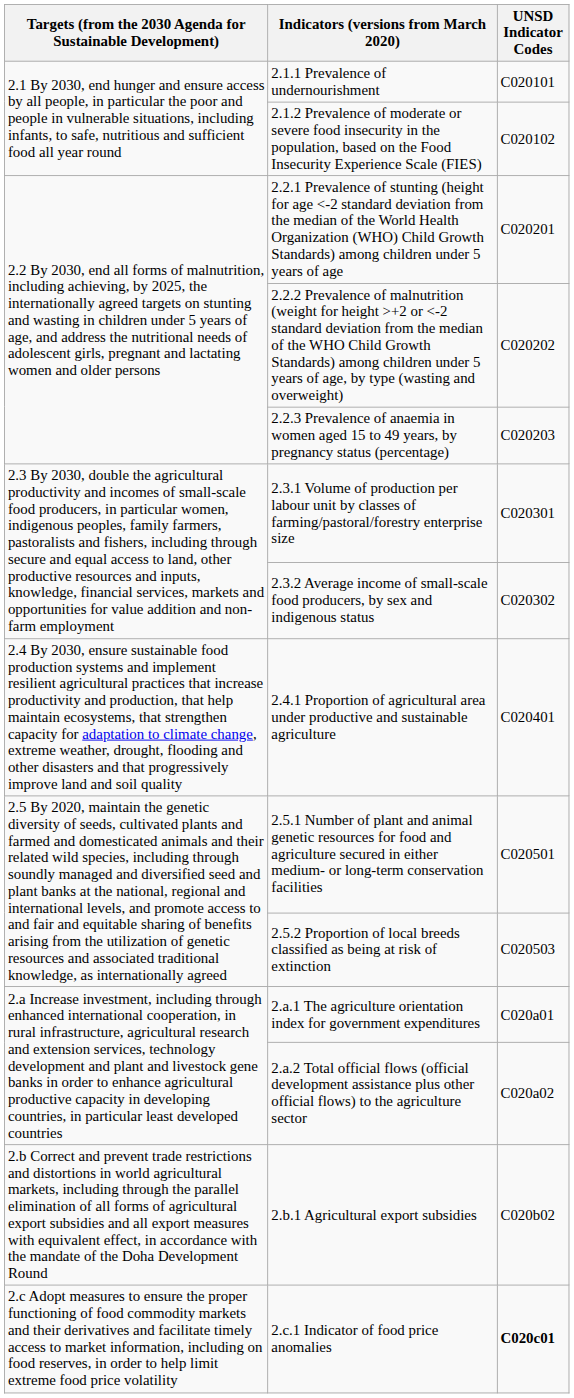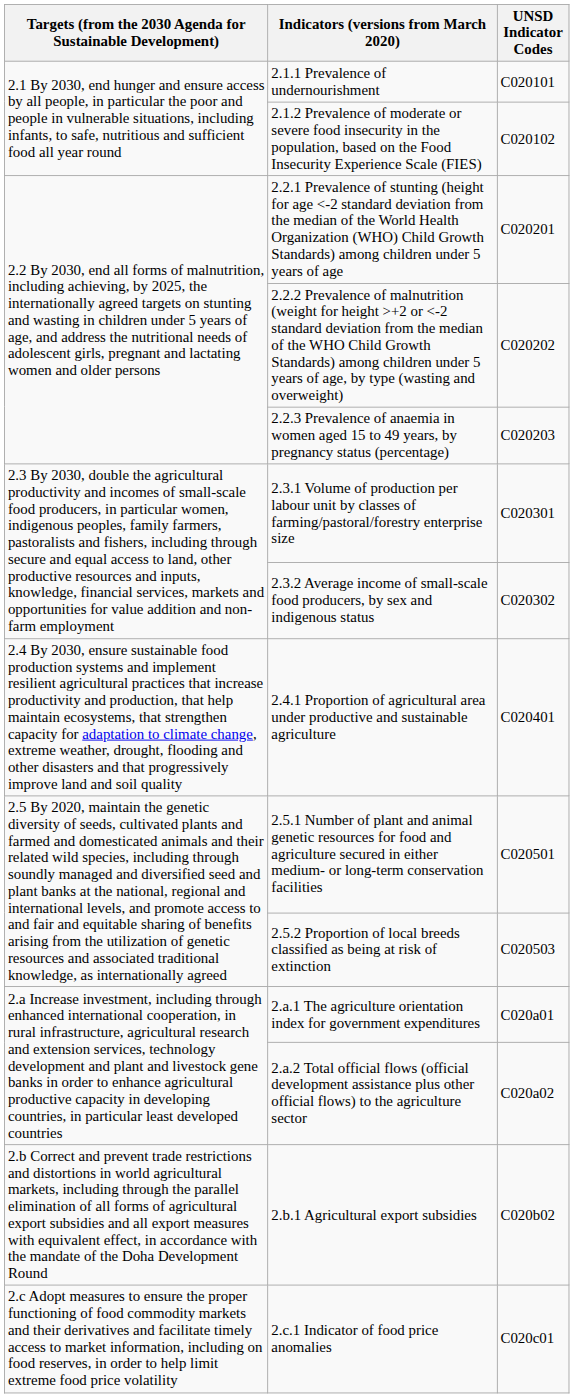 <table class="wikitable">
 <tr>
 <th>Targets (from the 2030 Agenda for Sustainable Development)</th>
 <th>Indicators (versions from March 2020)</th>
 <th>UNSD Indicator Codes </th>
 </tr>
 <tr>
 <td colspan="1" rowspan="2">2.1 By 2030, end hunger and ensure access by all people, in particular the poor and people in vulnerable situations, including infants, to safe, nutritious and sufficient food all year round</td>
 <td>2.1.1 Prevalence of undernourishment</td>
 <td>C020101</td>
 </tr>
 <tr>
 <td>2.1.2 Prevalence of moderate or severe food insecurity in the population, based on the Food Insecurity Experience Scale (FIES)</td>
 <td>C020102</td>
 </tr>
 <tr>
 <td colspan="1" rowspan="3">2.2 By 2030, end all forms of malnutrition, including achieving, by 2025, the internationally agreed targets on stunting and wasting in children under 5 years of age, and address the nutritional needs of adolescent girls, pregnant and lactating women and older persons</td>
 <td>2.2.1 Prevalence of stunting (height for age <-2 standard deviation from the median of the World Health Organization (WHO) Child Growth Standards) among children under 5 years of age</td>
 <td>C020201</td>
 </tr>
 <tr>
 <td>2.2.2 Prevalence of malnutrition (weight for height >+2 or <-2 standard deviation from the median of the WHO Child Growth Standards) among children under 5 years of age, by type (wasting and overweight)</td>
 <td>C020202</td>
 </tr>
 <tr>
 <td>2.2.3 Prevalence of anaemia in women aged 15 to 49 years, by pregnancy status (percentage)</td>
 <td>C020203</td>
 </tr>
 <tr>
 <td colspan="1" rowspan="2">2.3 By 2030, double the agricultural productivity and incomes of small-scale food producers, in particular women, indigenous peoples, family farmers, pastoralists and fishers, including through secure and equal access to land, other productive resources and inputs, knowledge, financial services, markets and opportunities for value addition and non-farm employment</td>
 <td>2.3.1 Volume of production per labour unit by classes of farming/pastoral/forestry enterprise size</td>
 <td>C020301</td>
 </tr>
 <tr>
 <td>2.3.2 Average income of small-scale food producers, by sex and indigenous status</td>
 <td>C020302</td>
 </tr>
 <tr>
 <td>2.4 By 2030, ensure sustainable food production systems and implement resilient agricultural practices that increase productivity and production, that help maintain ecosystems, that strengthen capacity for <a href='#'>adaptation to climate change</a>, extreme weather, drought, flooding and other disasters and that progressively improve land and soil quality</td>
 <td>2.4.1 Proportion of agricultural area under productive and sustainable agriculture</td>
 <td>C020401</td>
 </tr>
 <tr>
 <td colspan="1" rowspan="2">2.5 By 2020, maintain the genetic diversity of seeds, cultivated plants and farmed and domesticated animals and their related wild species, including through soundly managed and diversified seed and plant banks at the national, regional and international levels, and promote access to and fair and equitable sharing of benefits arising from the utilization of genetic resources and associated traditional knowledge, as internationally agreed</td>
 <td>2.5.1 Number of plant and animal genetic resources for food and agriculture secured in either medium- or long-term conservation facilities</td>
 <td>C020501</td>
 </tr>
 <tr>
 <td>2.5.2 Proportion of local breeds classified as being at risk of extinction</td>
 <td>C020503</td>
 </tr>
 <tr>
 <td colspan="1" rowspan="2">2.a Increase investment, including through enhanced international cooperation, in rural infrastructure, agricultural research and extension services, technology development and plant and livestock gene banks in order to enhance agricultural productive capacity in developing countries, in particular least developed countries</td>
 <td>2.a.1 The agriculture orientation index for government expenditures</td>
 <td>C020a01</td>
 </tr>
 <tr>
 <td>2.a.2 Total official flows (official development assistance plus other official flows) to the agriculture sector</td>
 <td>C020a02</td>
 </tr>
 <tr>
 <td>2.b Correct and prevent trade restrictions and distortions in world agricultural markets, including through the parallel elimination of all forms of agricultural export subsidies and all export measures with equivalent effect, in accordance with the mandate of the Doha Development Round</td>
 <td>2.b.1 Agricultural export subsidies</td>
 <td>C020b02</td>
 </tr>
 <tr>
 <td>2.c Adopt measures to ensure the proper functioning of food commodity markets and their derivatives and facilitate timely access to market information, including on food reserves, in order to help limit extreme food price volatility</td>
 <td>2.c.1 Indicator of food price anomalies</td>
-<td><strong>C020c01</strong></td>
+<td>C020c01</td>
 </tr>
 </table>
